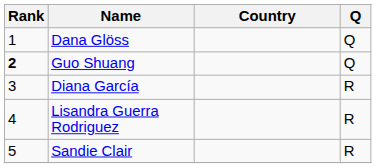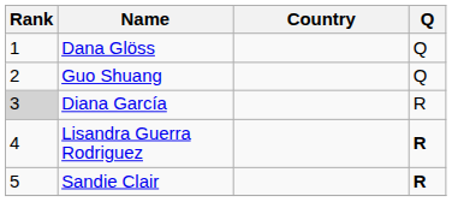 <table class="wikitable">
 <tr>
 <th width=20>Rank</th>
 <th width=150>Name</th>
 <th width=150>Country</th>
 <th width=25>Q</th>
 </tr>
 <tr>
 <td>1</td>
 <td><a href='#'>Dana Glöss</a></td>
 <td></td>
 <td>Q</td>
 </tr>
 <tr>
-<td><strong>2</strong></td>
+<td>2</td>
 <td><a href='#'>Guo Shuang</a></td>
 <td></td>
 <td>Q</td>
 </tr>
 <tr>
-<td>3</td>
+<td style="background: lightgrey;">3</td>
 <td><a href='#'>Diana García</a></td>
 <td></td>
 <td>R</td>
 </tr>
 <tr>
 <td>4</td>
 <td><a href='#'>Lisandra Guerra Rodriguez</a></td>
 <td></td>
-<td>R</td>
+<td><strong>R</strong></td>
 </tr>
 <tr>
 <td>5</td>
 <td><a href='#'>Sandie Clair</a></td>
 <td></td>
-<td>R</td>
+<td><strong>R</strong></td>
 </tr>
 <tr>
 </tr>
 </table>
